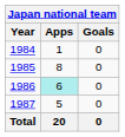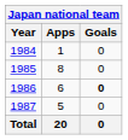 <table class="wikitable" style="text-align:center">
 <tr>
 <th colspan=3><a href='#'>Japan national team</a></th>
 </tr>
 <tr>
 <th>Year</th>
 <th>Apps</th>
 <th>Goals</th>
 </tr>
 <tr>
 <td><a href='#'>1984</a></td>
 <td>1</td>
 <td>0</td>
 </tr>
 <tr>
 <td><a href='#'>1985</a></td>
 <td>8</td>
 <td>0</td>
 </tr>
 <tr>
 <td><a href='#'>1986</a></td>
-<td style="background: paleturquoise;">6</td>
-<td>0</td>
+<td>6</td>
+<td><strong>0</strong></td>
 </tr>
 <tr>
 <td><a href='#'>1987</a></td>
 <td>5</td>
 <td>0</td>
 </tr>
 <tr>
 <th>Total</th>
 <th>20</th>
 <th>0</th>
 </tr>
 </table>
